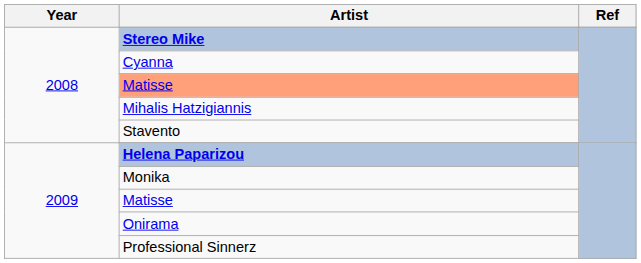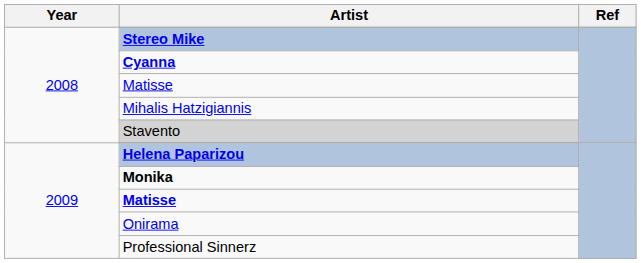 <table class="wikitable" style="width:55%;">
 <tr style="background:#bebebe;">
 <th style="width:10%;">Year</th>
 <th style="width:40%;">Artist</th>
 <th style="width:5%;">Ref</th>
 </tr>
 <tr>
 <td rowspan="6" align="center"><a href='#'>2008</a></td>
 </tr>
 <tr style="background:#B0C4DE">
 <td><strong><a href='#'>Stereo Mike</a></strong></td>
 <td rowspan="6" align="center"></td>
 </tr>
 <tr>
-<td><a href='#'>Cyanna</a></td>
+<td><strong><a href='#'>Cyanna</a></strong></td>
 </tr>
 <tr>
-<td style="background: lightsalmon;"><a href='#'>Matisse</a></td>
+<td><a href='#'>Matisse</a></td>
 </tr>
 <tr>
 <td><a href='#'>Mihalis Hatzigiannis</a></td>
 </tr>
 <tr>
-<td>Stavento</td>
+<td style="background: lightgrey;">Stavento</td>
 </tr>
 <tr>
 <td rowspan="6" align="center"><a href='#'>2009</a></td>
 </tr>
 <tr style="background:#B0C4DE">
 <td><strong><a href='#'>Helena Paparizou</a></strong></td>
 <td rowspan="6" align="center"></td>
 </tr>
 <tr>
-<td>Monika</td>
+<td><strong>Monika</strong></td>
 </tr>
 <tr>
-<td><a href='#'>Matisse</a></td>
+<td><strong><a href='#'>Matisse</a></strong></td>
 </tr>
 <tr>
 <td><a href='#'>Onirama</a></td>
 </tr>
 <tr>
 <td>Professional Sinnerz</td>
 </tr>
 </table>
